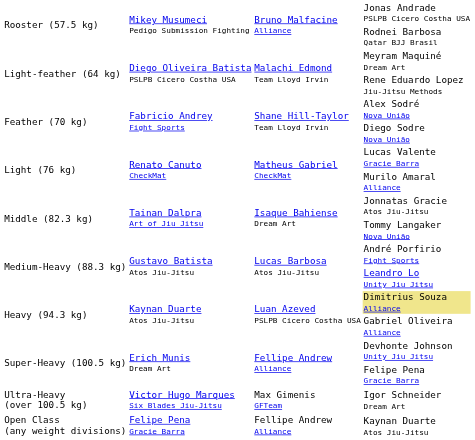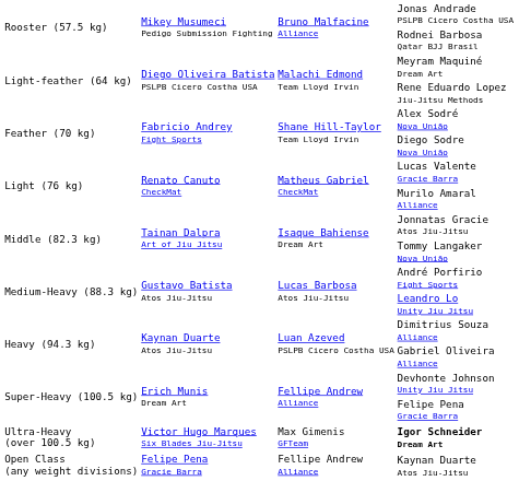 <table>
 <tr>
 <td rowspan=2>Rooster (57.5 kg)</td>
 <td rowspan=2> <a href='#'>Mikey Musumeci</a><br><small>Pedigo Submission Fighting</small></td>
 <td rowspan=2> <a href='#'>Bruno Malfacine</a><br><small><a href='#'>Alliance</a></small></td>
 <td> Jonas Andrade<br><small>PSLPB Cicero Costha USA</small></td>
 </tr>
 <tr>
 <td> Rodnei Barbosa<br><small>Qatar BJJ Brasil</small></td>
 </tr>
 <tr>
 <td rowspan=2>Light-feather (64 kg)</td>
 <td rowspan=2> <a href='#'>Diego Oliveira Batista</a><br><small> PSLPB Cicero Costha USA</small></td>
 <td rowspan=2> <a href='#'>Malachi Edmond</a><br><small>Team Lloyd Irvin</small></td>
 <td> Meyram Maquiné<br><small>Dream Art</small></td>
 </tr>
 <tr>
 <td> Rene Eduardo Lopez<br><small>Jiu-Jitsu Methods</small></td>
 </tr>
 <tr>
 <td rowspan=2>Feather (70 kg)</td>
 <td rowspan=2> <a href='#'>Fabricio Andrey</a><br><small><a href='#'>Fight Sports</a></small></td>
 <td rowspan=2> <a href='#'>Shane Hill-Taylor</a><br><small>Team Lloyd Irvin</small></td>
 <td> Alex Sodré<br><small><a href='#'>Nova União</a></small></td>
 </tr>
 <tr>
 <td> Diego Sodre<br><small><a href='#'>Nova União</a></small></td>
 </tr>
 <tr>
 <td rowspan=2>Light (76 kg)</td>
 <td rowspan=2> <a href='#'>Renato Canuto</a><br><small><a href='#'>CheckMat</a></small></td>
 <td rowspan=2> <a href='#'>Matheus Gabriel</a><br><small><a href='#'>CheckMat</a></small></td>
 <td> Lucas Valente<br><small><a href='#'>Gracie Barra</a></small></td>
 </tr>
 <tr>
 <td> Murilo Amaral<br><small><a href='#'>Alliance</a></small></td>
 </tr>
 <tr>
 <td rowspan=2>Middle (82.3 kg)</td>
 <td rowspan=2> <a href='#'>Tainan Dalpra</a><br><small><a href='#'>Art of Jiu Jitsu</a></small></td>
 <td rowspan=2> <a href='#'>Isaque Bahiense</a><br><small>Dream Art</small></td>
 <td> Jonnatas Gracie<br><small>Atos Jiu-Jitsu</small></td>
 </tr>
 <tr>
 <td>Tommy Langaker<br><small><a href='#'>Nova União</a></small></td>
 </tr>
 <tr>
 <td rowspan=2>Medium-Heavy (88.3 kg)</td>
 <td rowspan=2> <a href='#'>Gustavo Batista</a><br><small>Atos Jiu-Jitsu</small></td>
 <td rowspan=2> <a href='#'>Lucas Barbosa</a><br><small>Atos Jiu-Jitsu</small></td>
 <td> André Porfirio<br><small><a href='#'>Fight Sports</a> </small></td>
 </tr>
 <tr>
 <td> <a href='#'>Leandro Lo</a><br><small><a href='#'>Unity Jiu Jitsu</a></small></td>
 </tr>
 <tr>
 <td rowspan=2>Heavy (94.3 kg)</td>
 <td rowspan=2> <a href='#'>Kaynan Duarte</a><br><small>Atos Jiu-Jitsu</small></td>
 <td rowspan=2> <a href='#'>Luan Azeved</a><br><small>PSLPB Cicero Costha USA</small></td>
-<td style="background: khaki;"> Dimitrius Souza<br><small><a href='#'>Alliance</a></small></td>
+<td> Dimitrius Souza<br><small><a href='#'>Alliance</a></small></td>
 </tr>
 <tr>
 <td> Gabriel Oliveira<br><small><a href='#'>Alliance</a></small></td>
 </tr>
 <tr>
 <td rowspan=2>Super-Heavy (100.5 kg)</td>
 <td rowspan=2> <a href='#'>Erich Munis</a><br><small>Dream Art</small></td>
 <td rowspan=2> <a href='#'>Fellipe Andrew</a><br><small><a href='#'>Alliance</a></small></td>
 <td> Devhonte Johnson<br><small><a href='#'>Unity Jiu Jitsu</a></small></td>
 </tr>
 <tr>
 <td> Felipe Pena<br><small><a href='#'>Gracie Barra</a></small></td>
 </tr>
 <tr>
 <td rowspan=2>Ultra-Heavy <br>(over 100.5 kg)</td>
 <td rowspan=2> <a href='#'>Victor Hugo Marques</a><br><small> <a href='#'>Six Blades Jiu-Jitsu</a></small></td>
 <td rowspan=2> Max Gimenis<br><small><a href='#'>GFTeam</a></small></td>
 </tr>
 <tr>
-<td> Igor Schneider<br><small>Dream Art</small></td>
+<td><strong> Igor Schneider<br><small>Dream Art</small></strong></td>
 </tr>
 <tr>
 <td rowspan=2>Open Class<br>(any weight divisions)</td>
 <td rowspan=2> <a href='#'>Felipe Pena</a><br><small><a href='#'>Gracie Barra</a></small></td>
 <td rowspan=2> Fellipe Andrew<br><small><a href='#'>Alliance</a></small></td>
 </tr>
 <tr>
 <td> Kaynan Duarte<br><small>Atos Jiu-Jitsu</small></td>
 </tr>
 <tr>
 </tr>
 </table>
